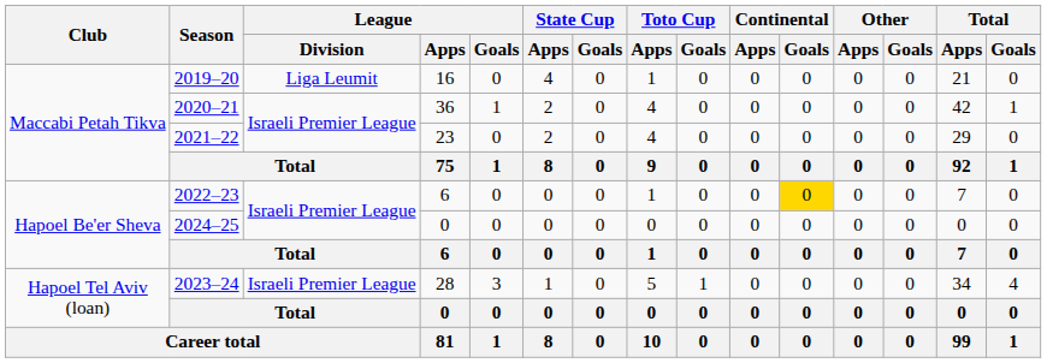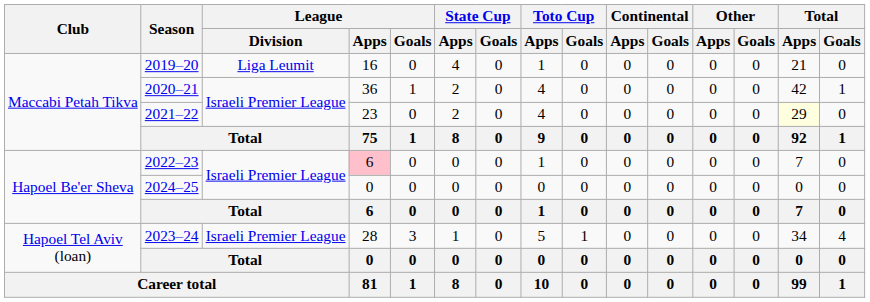 <table class="wikitable" style="text-align: center">
 <tr>
 <th rowspan="2">Club</th>
 <th rowspan="2">Season</th>
 <th colspan="3">League</th>
 <th colspan="2"><a href='#'>State Cup</a></th>
 <th colspan="2"><a href='#'>Toto Cup</a></th>
 <th colspan="2">Continental</th>
 <th colspan="2">Other</th>
 <th colspan="2">Total</th>
 </tr>
 <tr>
 <th>Division</th>
 <th>Apps</th>
 <th>Goals</th>
 <th>Apps</th>
 <th>Goals</th>
 <th>Apps</th>
 <th>Goals</th>
 <th>Apps</th>
 <th>Goals</th>
 <th>Apps</th>
 <th>Goals</th>
 <th>Apps</th>
 <th>Goals</th>
 </tr>
 <tr>
 <td rowspan="4"><a href='#'>Maccabi Petah Tikva</a></td>
 <td><a href='#'>2019–20</a></td>
 <td rowspan="1"><a href='#'>Liga Leumit</a></td>
 <td>16</td>
 <td>0</td>
 <td>4</td>
 <td>0</td>
 <td>1</td>
 <td>0</td>
 <td>0</td>
 <td>0</td>
 <td>0</td>
 <td>0</td>
 <td>21</td>
 <td>0</td>
 </tr>
 <tr>
 <td><a href='#'>2020–21</a></td>
 <td rowspan="2"><a href='#'>Israeli Premier League</a></td>
 <td>36</td>
 <td>1</td>
 <td>2</td>
 <td>0</td>
 <td>4</td>
 <td>0</td>
 <td>0</td>
 <td>0</td>
 <td>0</td>
 <td>0</td>
 <td>42</td>
 <td>1</td>
 </tr>
 <tr>
 <td><a href='#'>2021–22</a></td>
 <td>23</td>
 <td>0</td>
 <td>2</td>
 <td>0</td>
 <td>4</td>
 <td>0</td>
 <td>0</td>
 <td>0</td>
 <td>0</td>
 <td>0</td>
-<td>29</td>
+<td style="background: lightyellow;">29</td>
 <td>0</td>
 </tr>
 <tr>
 <th colspan="2"><strong>Total</strong></th>
 <th>75</th>
 <th>1</th>
 <th>8</th>
 <th>0</th>
 <th>9</th>
 <th>0</th>
 <th>0</th>
 <th>0</th>
 <th>0</th>
 <th>0</th>
 <th>92</th>
 <th>1</th>
 </tr>
 <tr>
 <td rowspan="3"><a href='#'>Hapoel Be'er Sheva</a></td>
 <td><a href='#'>2022–23</a></td>
 <td rowspan="2"><a href='#'>Israeli Premier League</a></td>
-<td>6</td>
+<td style="background: pink;">6</td>
 <td>0</td>
 <td>0</td>
 <td>0</td>
 <td>1</td>
 <td>0</td>
 <td>0</td>
-<td style="background: gold;">0</td>
+<td>0</td>
 <td>0</td>
 <td>0</td>
 <td>7</td>
 <td>0</td>
 </tr>
 <tr>
 <td><a href='#'>2024–25</a></td>
 <td>0</td>
 <td>0</td>
 <td>0</td>
 <td>0</td>
 <td>0</td>
 <td>0</td>
 <td>0</td>
 <td>0</td>
 <td>0</td>
 <td>0</td>
 <td>0</td>
 <td>0</td>
 </tr>
 <tr>
 <th colspan="2"><strong>Total</strong></th>
 <th>6</th>
 <th>0</th>
 <th>0</th>
 <th>0</th>
 <th>1</th>
 <th>0</th>
 <th>0</th>
 <th>0</th>
 <th>0</th>
 <th>0</th>
 <th>7</th>
 <th>0</th>
 </tr>
 <tr>
 <td rowspan="2"><a href='#'>Hapoel Tel Aviv</a><br>(loan)</td>
 <td><a href='#'>2023–24</a></td>
 <td rowspan="1"><a href='#'>Israeli Premier League</a></td>
 <td>28</td>
 <td>3</td>
 <td>1</td>
 <td>0</td>
 <td>5</td>
 <td>1</td>
 <td>0</td>
 <td>0</td>
 <td>0</td>
 <td>0</td>
 <td>34</td>
 <td>4</td>
 </tr>
 <tr>
 <th colspan="2"><strong>Total</strong></th>
 <th>0</th>
 <th>0</th>
 <th>0</th>
 <th>0</th>
 <th>0</th>
 <th>0</th>
 <th>0</th>
 <th>0</th>
 <th>0</th>
 <th>0</th>
 <th>0</th>
 <th>0</th>
 </tr>
 <tr>
 <th colspan="3"><strong>Career total</strong></th>
 <th>81</th>
 <th>1</th>
 <th>8</th>
 <th>0</th>
 <th>10</th>
 <th>0</th>
 <th>0</th>
 <th>0</th>
 <th>0</th>
 <th>0</th>
 <th>99</th>
 <th>1</th>
 </tr>
 </table>
